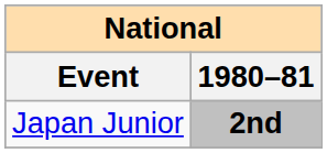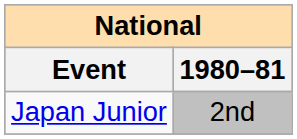 <table class="wikitable" style="text-align:center">
 <tr>
 <th style="background-color: #ffdead; " colspan=2 align=center>National</th>
 </tr>
 <tr>
 <th>Event</th>
 <th>1980–81</th>
 </tr>
 <tr>
 <td align=left><a href='#'>Japan Junior</a></td>
-<td bgcolor=silver><strong>2nd</strong></td>
+<td bgcolor=silver>2nd</td>
 </tr>
 </table>
